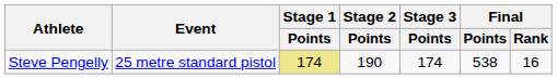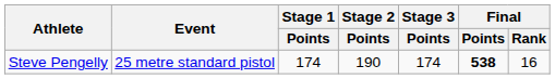 <table class="wikitable" style="font-size:90%">
 <tr>
 <th rowspan=2>Athlete</th>
 <th rowspan=2>Event</th>
 <th colspan=1>Stage 1</th>
 <th colspan=1>Stage 2</th>
 <th colspan=1>Stage 3</th>
 <th colspan=2>Final</th>
 </tr>
 <tr style="font-size:95%">
 <th>Points</th>
 <th>Points</th>
 <th>Points</th>
 <th>Points</th>
 <th>Rank</th>
 </tr>
 <tr align=center>
 <td align=left><a href='#'>Steve Pengelly</a></td>
 <td align=left rowspan="2"><a href='#'>25 metre standard pistol</a></td>
-<td style="background: khaki;">174</td>
+<td>174</td>
 <td>190</td>
 <td>174</td>
-<td>538</td>
+<td><strong>538</strong></td>
 <td>16</td>
 </tr>
 </table>
